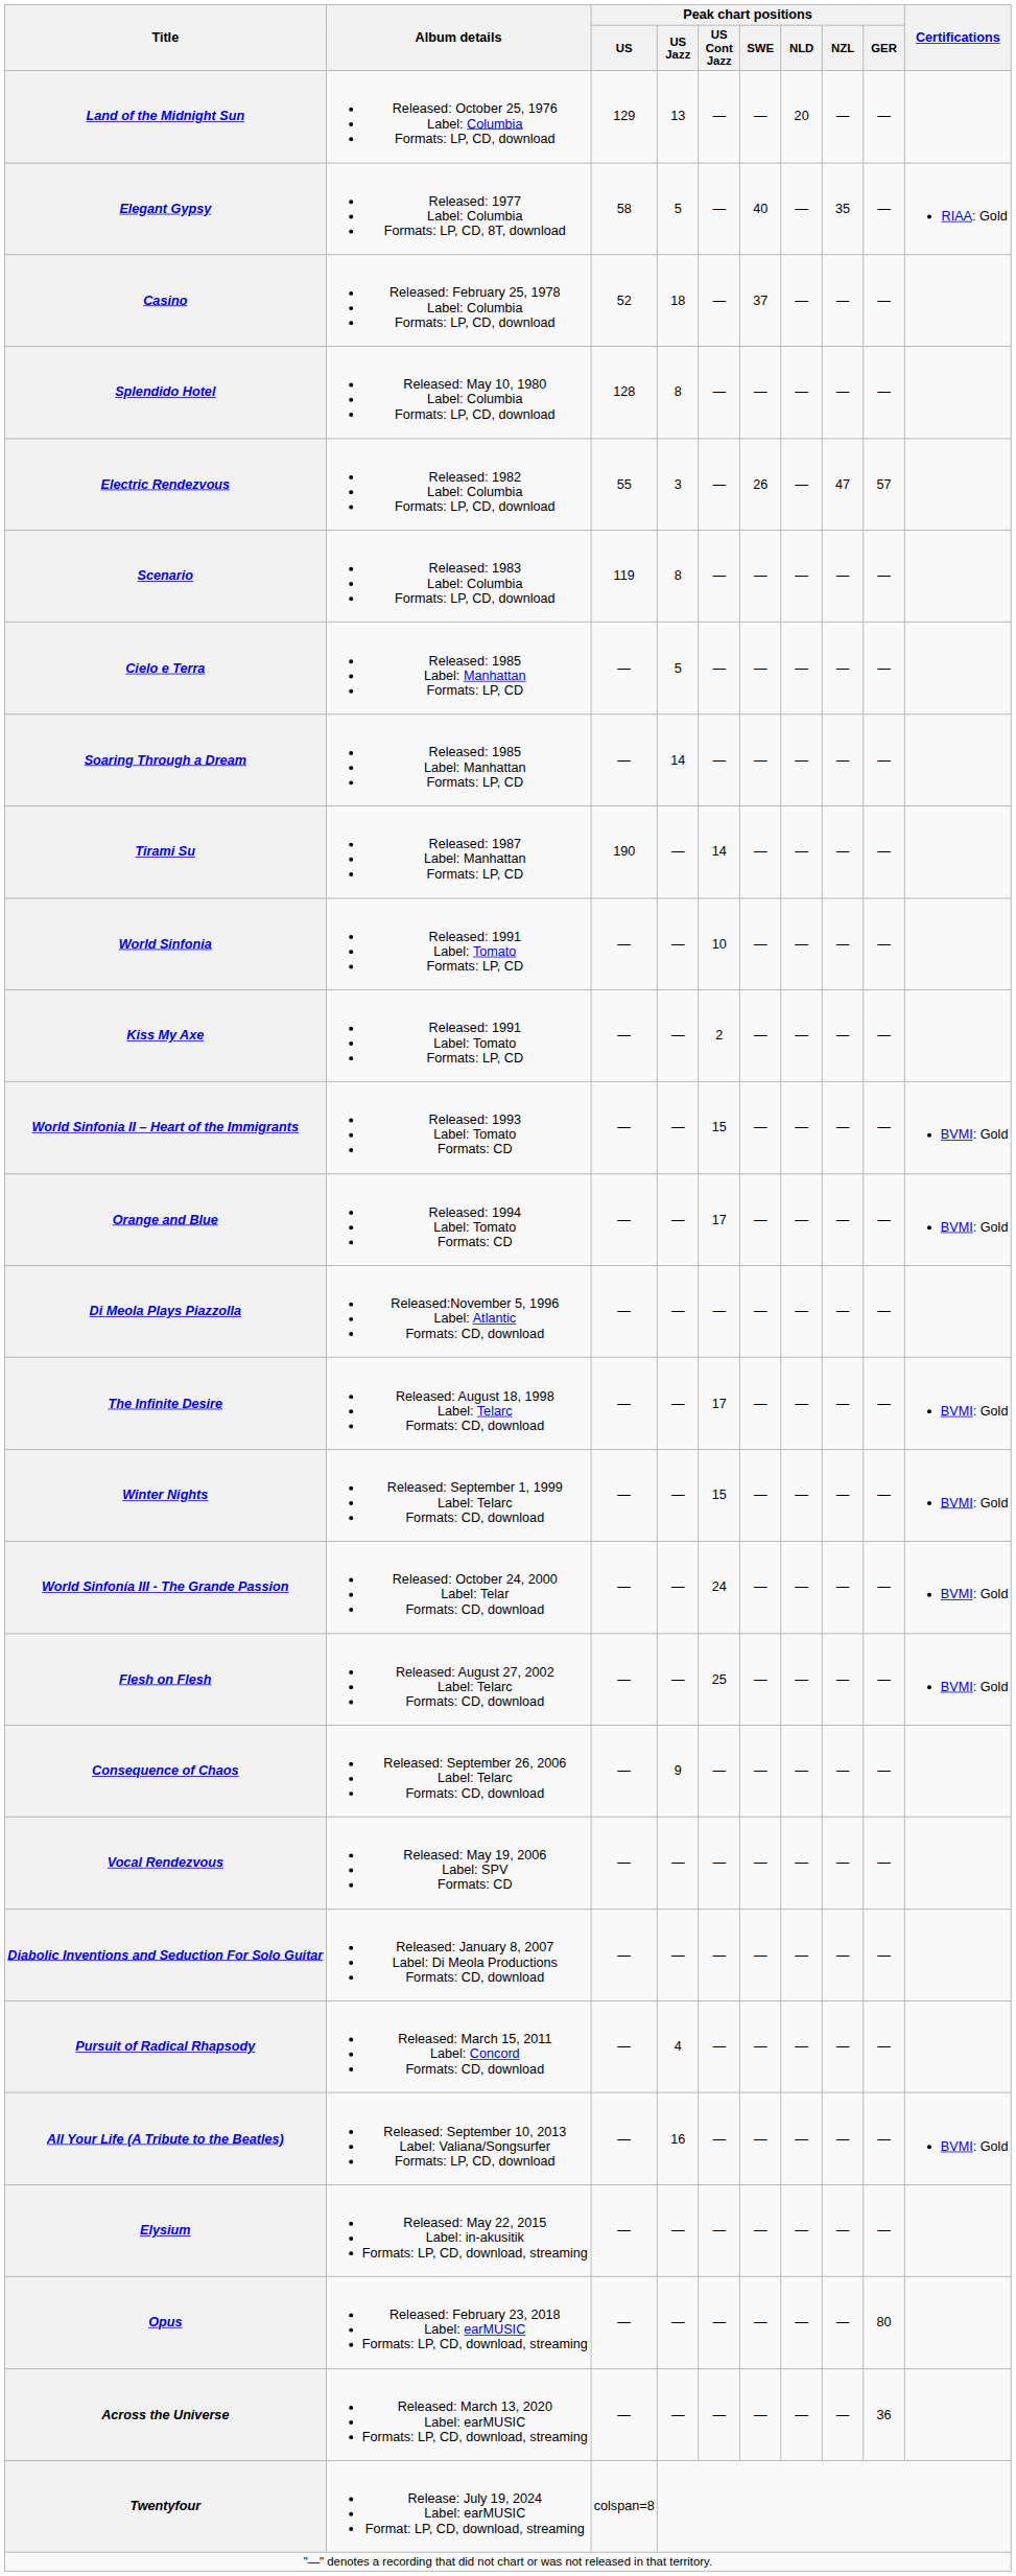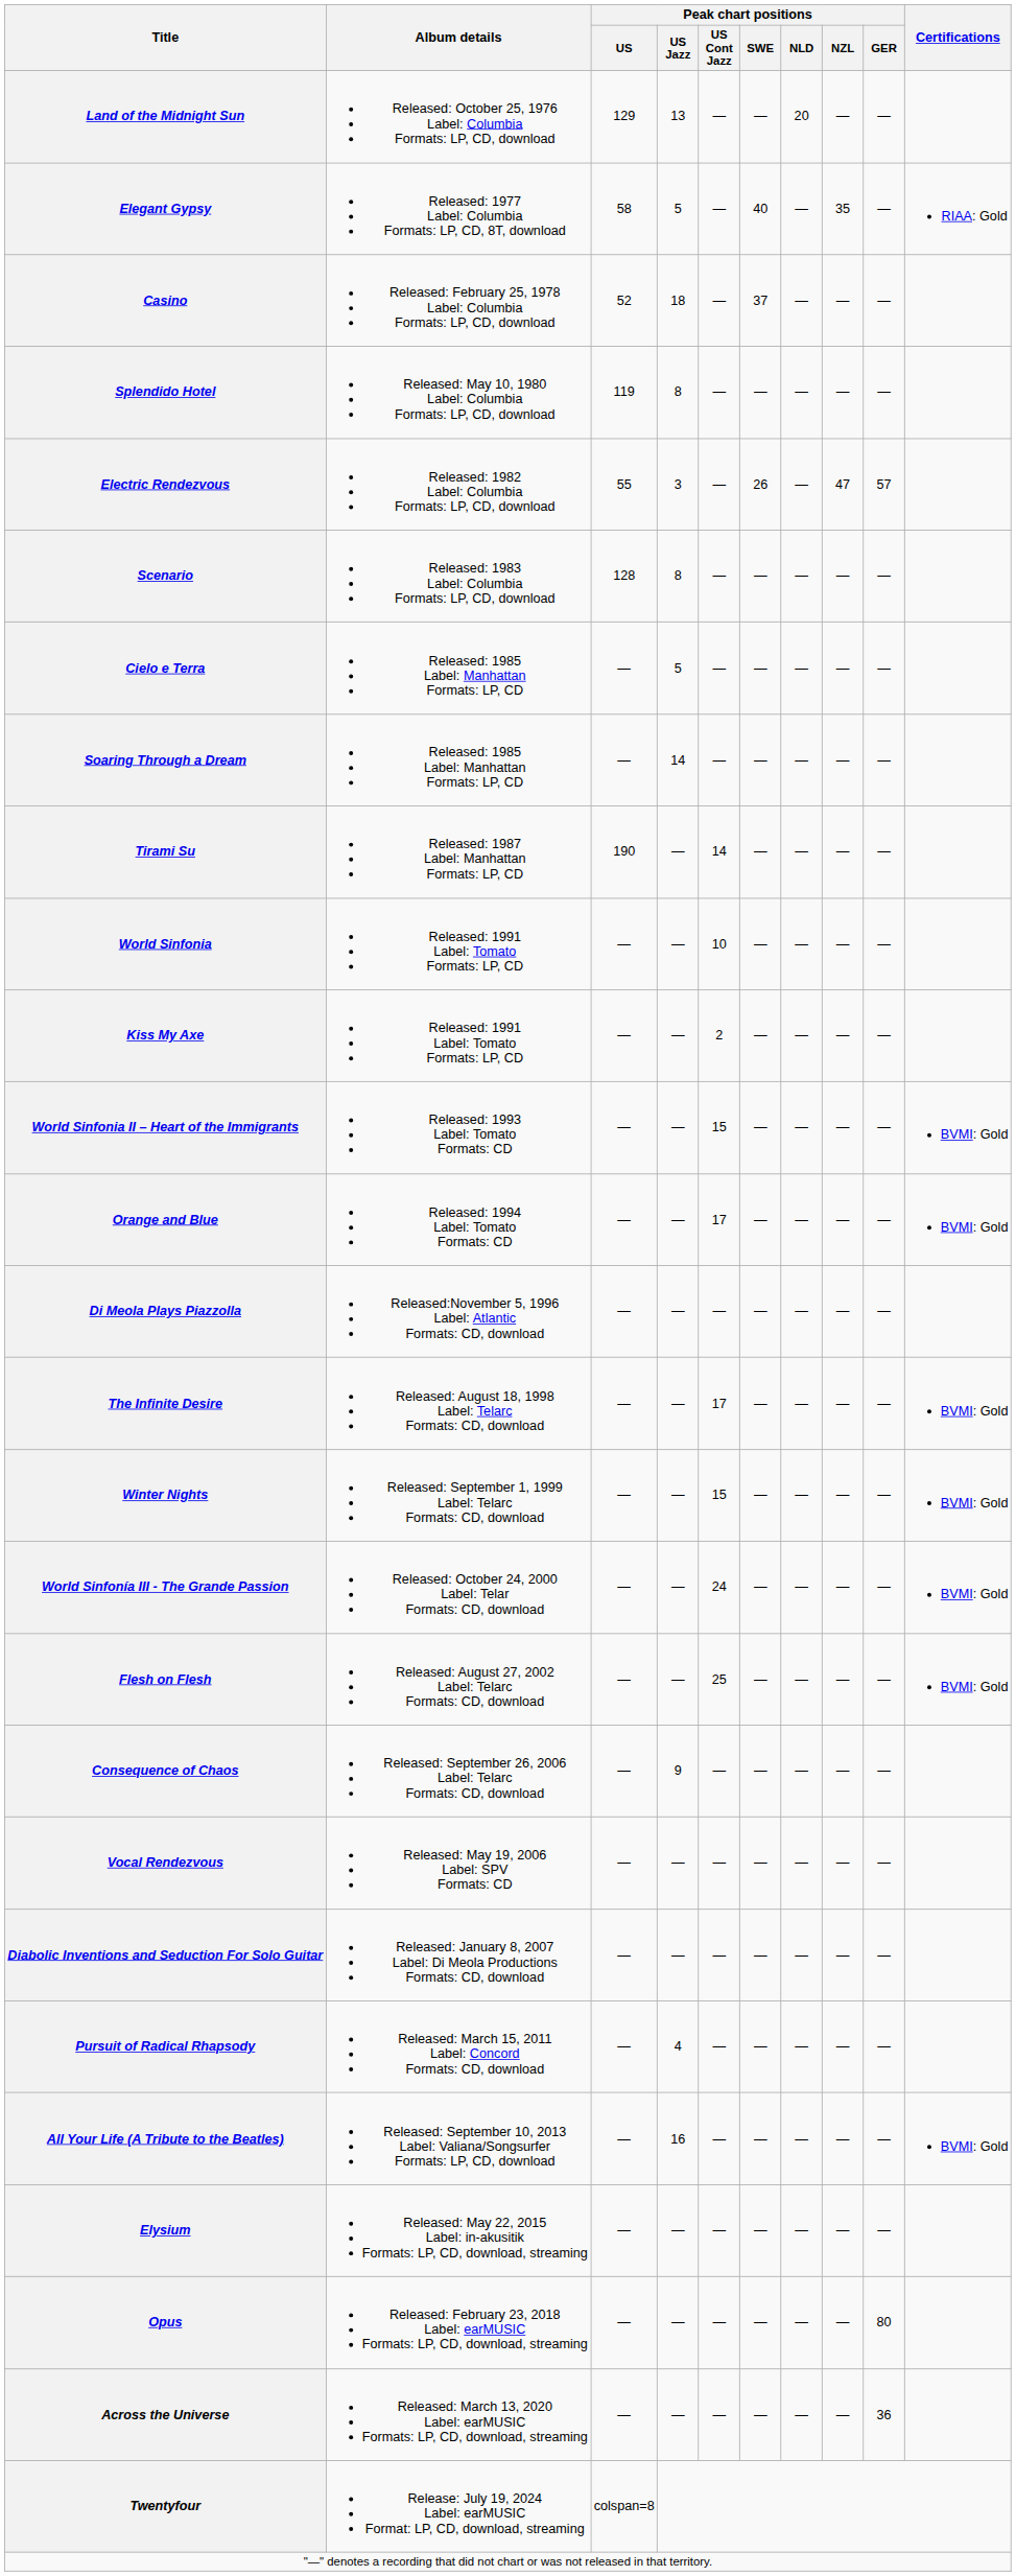 <table class="wikitable plainrowheaders" style="text-align:center;">
 <tr>
 <th scope="col" rowspan="2">Title</th>
 <th scope="col" rowspan="2">Album details</th>
 <th scope="col" colspan="7">Peak chart positions</th>
 <th scope="col" rowspan="2"><a href='#'>Certifications</a></th>
 </tr>
 <tr>
 <th scope="col" style="width:3em;font-size:90%;">US<br></th>
 <th scope="col" style="width:3em;font-size:90%;">US Jazz<br></th>
 <th scope="col" style="width:3em;font-size:90%;">US Cont Jazz<br></th>
 <th scope="col" style="width:3em;font-size:90%;">SWE<br></th>
 <th scope="col" style="width:3em;font-size:90%;">NLD<br></th>
 <th scope="col" style="width:3em;font-size:90%;">NZL<br></th>
 <th scope="col" style="width:3em;font-size:90%;">GER<br></th>
 </tr>
 <tr>
 <th scope="row"><em><a href='#'>Land of the Midnight Sun</a></em></th>
 <td><br><ul><li>Released: October 25, 1976</li><li>Label: <a href='#'>Columbia</a></li><li>Formats: LP, CD, download</li></ul></td>
 <td>129</td>
 <td>13</td>
 <td>—</td>
 <td>—</td>
 <td>20</td>
 <td>—</td>
 <td>—</td>
 <td></td>
 </tr>
 <tr>
 <th scope="row"><em><a href='#'>Elegant Gypsy</a></em></th>
 <td><br><ul><li>Released: 1977</li><li>Label: Columbia</li><li>Formats: LP, CD, 8T, download</li></ul></td>
 <td>58</td>
 <td>5</td>
 <td>—</td>
 <td>40</td>
 <td>—</td>
 <td>35</td>
 <td>—</td>
 <td><br><ul><li><a href='#'>RIAA</a>: Gold</li></ul></td>
 </tr>
 <tr>
 <th scope="row"><em><a href='#'>Casino</a></em></th>
 <td><br><ul><li>Released: February 25, 1978</li><li>Label: Columbia</li><li>Formats: LP, CD, download</li></ul></td>
 <td>52</td>
 <td>18</td>
 <td>—</td>
 <td>37</td>
 <td>—</td>
 <td>—</td>
 <td>—</td>
 <td></td>
 </tr>
 <tr>
 <th scope="row"><em><a href='#'>Splendido Hotel</a></em></th>
 <td><br><ul><li>Released: May 10, 1980</li><li>Label: Columbia</li><li>Formats: LP, CD, download</li></ul></td>
-<td>128</td>
+<td>119</td>
 <td>8</td>
 <td>—</td>
 <td>—</td>
 <td>—</td>
 <td>—</td>
 <td>—</td>
 <td></td>
 </tr>
 <tr>
 <th scope="row"><em><a href='#'>Electric Rendezvous</a></em></th>
 <td><br><ul><li>Released: 1982</li><li>Label: Columbia</li><li>Formats: LP, CD, download</li></ul></td>
 <td>55</td>
 <td>3</td>
 <td>—</td>
 <td>26</td>
 <td>—</td>
 <td>47</td>
 <td>57</td>
 <td></td>
 </tr>
 <tr>
 <th scope="row"><em><a href='#'>Scenario</a></em></th>
 <td><br><ul><li>Released: 1983</li><li>Label: Columbia</li><li>Formats: LP, CD, download</li></ul></td>
-<td>119</td>
+<td>128</td>
 <td>8</td>
 <td>—</td>
 <td>—</td>
 <td>—</td>
 <td>—</td>
 <td>—</td>
 <td></td>
 </tr>
 <tr>
 <th scope="row"><em><a href='#'>Cielo e Terra</a></em></th>
 <td><br><ul><li>Released: 1985</li><li>Label: <a href='#'>Manhattan</a></li><li>Formats: LP, CD</li></ul></td>
 <td>—</td>
 <td>5</td>
 <td>—</td>
 <td>—</td>
 <td>—</td>
 <td>—</td>
 <td>—</td>
 <td></td>
 </tr>
 <tr>
 <th scope="row"><em><a href='#'>Soaring Through a Dream</a></em></th>
 <td><br><ul><li>Released: 1985</li><li>Label: Manhattan</li><li>Formats: LP, CD</li></ul></td>
 <td>—</td>
 <td>14</td>
 <td>—</td>
 <td>—</td>
 <td>—</td>
 <td>—</td>
 <td>—</td>
 <td></td>
 </tr>
 <tr>
 <th scope="row"><em><a href='#'>Tirami Su</a></em></th>
 <td><br><ul><li>Released: 1987</li><li>Label: Manhattan</li><li>Formats: LP, CD</li></ul></td>
 <td>190</td>
 <td>—</td>
 <td>14</td>
 <td>—</td>
 <td>—</td>
 <td>—</td>
 <td>—</td>
 <td></td>
 </tr>
 <tr>
 <th scope="row"><em><a href='#'>World Sinfonia</a></em></th>
 <td><br><ul><li>Released: 1991</li><li>Label: <a href='#'>Tomato</a></li><li>Formats: LP, CD</li></ul></td>
 <td>—</td>
 <td>—</td>
 <td>10</td>
 <td>—</td>
 <td>—</td>
 <td>—</td>
 <td>—</td>
 <td></td>
 </tr>
 <tr>
 <th scope="row"><em><a href='#'>Kiss My Axe</a></em></th>
 <td><br><ul><li>Released: 1991</li><li>Label: Tomato</li><li>Formats: LP, CD</li></ul></td>
 <td>—</td>
 <td>—</td>
 <td>2</td>
 <td>—</td>
 <td>—</td>
 <td>—</td>
 <td>—</td>
 <td></td>
 </tr>
 <tr>
 <th scope="row"><em><a href='#'>World Sinfonia II – Heart of the Immigrants</a></em></th>
 <td><br><ul><li>Released: 1993</li><li>Label: Tomato</li><li>Formats: CD</li></ul></td>
 <td>—</td>
 <td>—</td>
 <td>15</td>
 <td>—</td>
 <td>—</td>
 <td>—</td>
 <td>—</td>
 <td><br><ul><li><a href='#'>BVMI</a>: Gold</li></ul></td>
 </tr>
 <tr>
 <th scope="row"><em><a href='#'>Orange and Blue</a></em></th>
 <td><br><ul><li>Released: 1994</li><li>Label: Tomato</li><li>Formats: CD</li></ul></td>
 <td>—</td>
 <td>—</td>
 <td>17</td>
 <td>—</td>
 <td>—</td>
 <td>—</td>
 <td>—</td>
 <td><br><ul><li><a href='#'>BVMI</a>: Gold</li></ul></td>
 </tr>
 <tr>
 <th scope="row"><em><a href='#'>Di Meola Plays Piazzolla</a></em></th>
 <td><br><ul><li>Released:November 5, 1996</li><li>Label: <a href='#'>Atlantic</a></li><li>Formats: CD, download</li></ul></td>
 <td>—</td>
 <td>—</td>
 <td>—</td>
 <td>—</td>
 <td>—</td>
 <td>—</td>
 <td>—</td>
 <td></td>
 </tr>
 <tr>
 <th scope="row"><em><a href='#'>The Infinite Desire</a></em></th>
 <td><br><ul><li>Released: August 18, 1998</li><li>Label: <a href='#'>Telarc</a></li><li>Formats: CD, download</li></ul></td>
 <td>—</td>
 <td>—</td>
 <td>17</td>
 <td>—</td>
 <td>—</td>
 <td>—</td>
 <td>—</td>
 <td><br><ul><li><a href='#'>BVMI</a>: Gold</li></ul></td>
 </tr>
 <tr>
 <th scope="row"><em><a href='#'>Winter Nights</a></em></th>
 <td><br><ul><li>Released: September 1, 1999</li><li>Label: Telarc</li><li>Formats: CD, download</li></ul></td>
 <td>—</td>
 <td>—</td>
 <td>15</td>
 <td>—</td>
 <td>—</td>
 <td>—</td>
 <td>—</td>
 <td><br><ul><li><a href='#'>BVMI</a>: Gold</li></ul></td>
 </tr>
 <tr>
 <th scope="row"><em><a href='#'>World Sinfonía III - The Grande Passion</a></em></th>
 <td><br><ul><li>Released: October 24, 2000</li><li>Label: Telar</li><li>Formats: CD, download</li></ul></td>
 <td>—</td>
 <td>—</td>
 <td>24</td>
 <td>—</td>
 <td>—</td>
 <td>—</td>
 <td>—</td>
 <td><br><ul><li><a href='#'>BVMI</a>: Gold</li></ul></td>
 </tr>
 <tr>
 <th scope="row"><em><a href='#'>Flesh on Flesh</a></em></th>
 <td><br><ul><li>Released: August 27, 2002</li><li>Label: Telarc</li><li>Formats: CD, download</li></ul></td>
 <td>—</td>
 <td>—</td>
 <td>25</td>
 <td>—</td>
 <td>—</td>
 <td>—</td>
 <td>—</td>
 <td><br><ul><li><a href='#'>BVMI</a>: Gold</li></ul></td>
 </tr>
 <tr>
 <th scope="row"><em><a href='#'>Consequence of Chaos</a></em></th>
 <td><br><ul><li>Released: September 26, 2006</li><li>Label: Telarc</li><li>Formats: CD, download</li></ul></td>
 <td>—</td>
 <td>9</td>
 <td>—</td>
 <td>—</td>
 <td>—</td>
 <td>—</td>
 <td>—</td>
 <td></td>
 </tr>
 <tr>
 <th scope="row"><em><a href='#'>Vocal Rendezvous</a></em></th>
 <td><br><ul><li>Released: May 19, 2006</li><li>Label: SPV</li><li>Formats: CD</li></ul></td>
 <td>—</td>
 <td>—</td>
 <td>—</td>
 <td>—</td>
 <td>—</td>
 <td>—</td>
 <td>—</td>
 <td></td>
 </tr>
 <tr>
 <th scope="row"><em><a href='#'>Diabolic Inventions and Seduction For Solo Guitar</a></em></th>
 <td><br><ul><li>Released: January 8, 2007</li><li>Label: Di Meola Productions</li><li>Formats: CD, download</li></ul></td>
 <td>—</td>
 <td>—</td>
 <td>—</td>
 <td>—</td>
 <td>—</td>
 <td>—</td>
 <td>—</td>
 <td></td>
 </tr>
 <tr>
 <th scope="row"><em><a href='#'>Pursuit of Radical Rhapsody</a></em></th>
 <td><br><ul><li>Released: March 15, 2011</li><li>Label: <a href='#'>Concord</a></li><li>Formats: CD, download</li></ul></td>
 <td>—</td>
 <td>4</td>
 <td>—</td>
 <td>—</td>
 <td>—</td>
 <td>—</td>
 <td>—</td>
 <td></td>
 </tr>
 <tr>
 <th scope="row"><em><a href='#'>All Your Life (A Tribute to the Beatles)</a></em></th>
 <td><br><ul><li>Released: September 10, 2013</li><li>Label: Valiana/Songsurfer</li><li>Formats: LP, CD, download</li></ul></td>
 <td>—</td>
 <td>16</td>
 <td>—</td>
 <td>—</td>
 <td>—</td>
 <td>—</td>
 <td>—</td>
 <td><br><ul><li><a href='#'>BVMI</a>: Gold</li></ul></td>
 </tr>
 <tr>
 <th scope="row"><em><a href='#'>Elysium</a></em></th>
 <td><br><ul><li>Released: May 22, 2015</li><li>Label: in-akusitik</li><li>Formats: LP, CD, download, streaming</li></ul></td>
 <td>—</td>
 <td>—</td>
 <td>—</td>
 <td>—</td>
 <td>—</td>
 <td>—</td>
 <td>—</td>
 <td></td>
 </tr>
 <tr>
 <th scope="row"><em><a href='#'>Opus</a></em></th>
 <td><br><ul><li>Released: February 23, 2018</li><li>Label: <a href='#'>earMUSIC</a></li><li>Formats: LP, CD, download, streaming</li></ul></td>
 <td>—</td>
 <td>—</td>
 <td>—</td>
 <td>—</td>
 <td>—</td>
 <td>—</td>
 <td>80</td>
 <td></td>
 </tr>
 <tr>
 <th scope="row"><em>Across the Universe</em></th>
 <td><br><ul><li>Released: March 13, 2020</li><li>Label: earMUSIC</li><li>Formats: LP, CD, download, streaming</li></ul></td>
 <td>—</td>
 <td>—</td>
 <td>—</td>
 <td>—</td>
 <td>—</td>
 <td>—</td>
 <td>36</td>
 <td></td>
 </tr>
 <tr>
 <th scope="row"><em>Twentyfour</em></th>
 <td><br><ul><li>Release: July 19, 2024</li><li>Label: earMUSIC</li><li>Format: LP, CD, download, streaming</li></ul></td>
 <td>colspan=8 </td>
 </tr>
 <tr>
 <td colspan="15" style="font-size:90%">"—" denotes a recording that did not chart or was not released in that territory.</td>
 </tr>
 </table>
